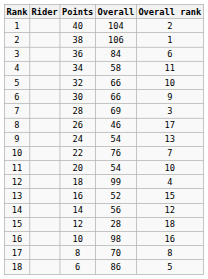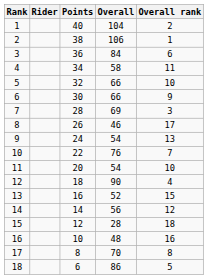 <table class="wikitable sortable" style="text-align:center">
 <tr>
 <th>Rank</th>
 <th>Rider</th>
 <th>Points</th>
 <th>Overall</th>
 <th>Overall rank</th>
 </tr>
 <tr>
 <td>1</td>
 <td align=left></td>
 <td>40</td>
 <td>104</td>
 <td>2</td>
 </tr>
 <tr>
 <td>2</td>
 <td align=left></td>
 <td>38</td>
 <td>106</td>
 <td>1</td>
 </tr>
 <tr>
 <td>3</td>
 <td align=left></td>
 <td>36</td>
 <td>84</td>
 <td>6</td>
 </tr>
 <tr>
 <td>4</td>
 <td align=left></td>
 <td>34</td>
 <td>58</td>
 <td>11</td>
 </tr>
 <tr>
 <td>5</td>
 <td align=left></td>
 <td>32</td>
 <td>66</td>
 <td>10</td>
 </tr>
 <tr>
 <td>6</td>
 <td align=left></td>
 <td>30</td>
 <td>66</td>
 <td>9</td>
 </tr>
 <tr>
 <td>7</td>
 <td align=left></td>
 <td>28</td>
 <td>69</td>
 <td>3</td>
 </tr>
 <tr>
 <td>8</td>
 <td align=left></td>
 <td>26</td>
 <td>46</td>
 <td>17</td>
 </tr>
 <tr>
 <td>9</td>
 <td align=left></td>
 <td>24</td>
 <td>54</td>
 <td>13</td>
 </tr>
 <tr>
 <td>10</td>
 <td align=left></td>
 <td>22</td>
 <td>76</td>
 <td>7</td>
 </tr>
 <tr>
 <td>11</td>
 <td align=left></td>
 <td>20</td>
 <td>54</td>
 <td>10</td>
 </tr>
 <tr>
 <td>12</td>
 <td align=left></td>
 <td>18</td>
-<td>99</td>
+<td>90</td>
 <td>4</td>
 </tr>
 <tr>
 <td>13</td>
 <td align=left></td>
 <td>16</td>
 <td>52</td>
 <td>15</td>
 </tr>
 <tr>
 <td>14</td>
 <td align=left></td>
 <td>14</td>
 <td>56</td>
 <td>12</td>
 </tr>
 <tr>
 <td>15</td>
 <td align=left></td>
 <td>12</td>
 <td>28</td>
 <td>18</td>
 </tr>
 <tr>
 <td>16</td>
 <td align=left></td>
 <td>10</td>
-<td>98</td>
+<td>48</td>
 <td>16</td>
 </tr>
 <tr>
 <td>17</td>
 <td align=left></td>
 <td>8</td>
 <td>70</td>
 <td>8</td>
 </tr>
 <tr>
 <td>18</td>
 <td align=left></td>
 <td>6</td>
 <td>86</td>
 <td>5</td>
 </tr>
 </table>
